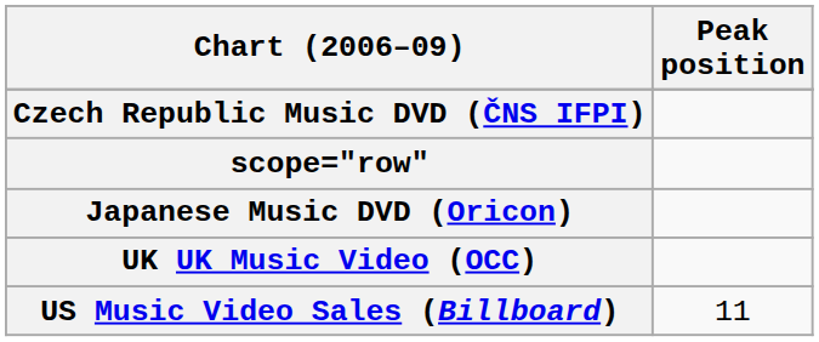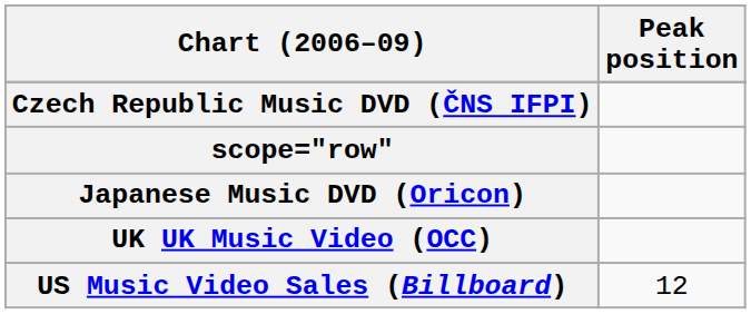 <table class="wikitable sortable plainrowheaders">
 <tr>
 <th>Chart (2006–09)</th>
 <th>Peak<br>position</th>
 </tr>
 <tr>
 </tr>
 <tr>
 <th scope="row">Czech Republic Music DVD (<a href='#'>ČNS IFPI</a>)</th>
 <td></td>
 </tr>
 <tr>
 <th>scope="row"</th>
 </tr>
 <tr>
 <th scope="row">Japanese Music DVD (<a href='#'>Oricon</a>)</th>
 <td></td>
 </tr>
 <tr>
 <th scope="row">UK <a href='#'>UK Music Video</a> (<a href='#'>OCC</a>)</th>
 <td></td>
 </tr>
 <tr>
 <th scope="row">US <a href='#'>Music Video Sales</a> (<em><a href='#'>Billboard</a></em>)</th>
-<td align="center">11</td>
+<td align="center">12</td>
 </tr>
 </table>
